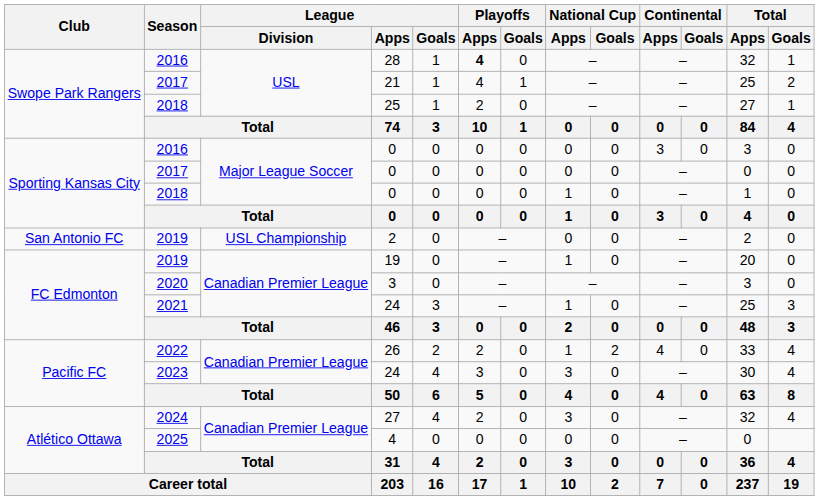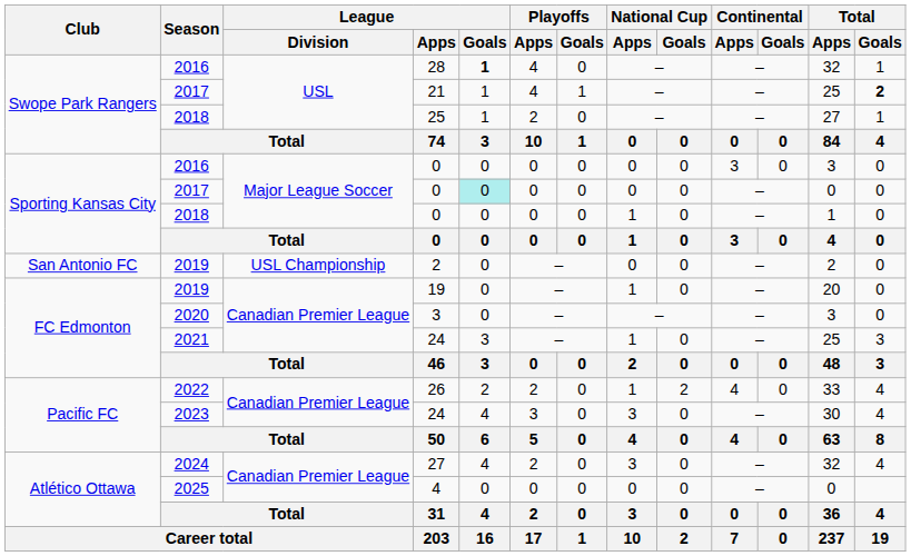 <table class=wikitable style="text-align:center">
 <tr>
 <th rowspan="2">Club</th>
 <th rowspan="2">Season</th>
 <th colspan="3">League</th>
 <th colspan="2">Playoffs</th>
 <th colspan="2">National Cup</th>
 <th colspan="2">Continental</th>
 <th colspan="2">Total</th>
 </tr>
 <tr>
 <th>Division</th>
 <th>Apps</th>
 <th>Goals</th>
 <th>Apps</th>
 <th>Goals</th>
 <th>Apps</th>
 <th>Goals</th>
 <th>Apps</th>
 <th>Goals</th>
 <th>Apps</th>
 <th>Goals</th>
 </tr>
 <tr>
 <td rowspan="4"><a href='#'>Swope Park Rangers</a></td>
 <td><a href='#'>2016</a></td>
 <td rowspan="3"><a href='#'>USL</a></td>
 <td>28</td>
-<td>1</td>
-<td><strong>4</strong></td>
+<td><strong>1</strong></td>
+<td>4</td>
 <td>0</td>
 <td colspan="2">–</td>
 <td colspan="2">–</td>
 <td>32</td>
 <td>1</td>
 </tr>
 <tr>
 <td><a href='#'>2017</a></td>
 <td>21</td>
 <td>1</td>
 <td>4</td>
 <td>1</td>
 <td colspan="2">–</td>
 <td colspan="2">–</td>
 <td>25</td>
-<td>2</td>
+<td><strong>2</strong></td>
 </tr>
 <tr>
 <td><a href='#'>2018</a></td>
 <td>25</td>
 <td>1</td>
 <td>2</td>
 <td>0</td>
 <td colspan="2">–</td>
 <td colspan="2">–</td>
 <td>27</td>
 <td>1</td>
 </tr>
 <tr>
 <th colspan="2">Total</th>
 <th>74</th>
 <th>3</th>
 <th>10</th>
 <th>1</th>
 <th>0</th>
 <th>0</th>
 <th>0</th>
 <th>0</th>
 <th>84</th>
 <th>4</th>
 </tr>
 <tr>
 <td rowspan="4"><a href='#'>Sporting Kansas City</a></td>
 <td><a href='#'>2016</a></td>
 <td rowspan="3"><a href='#'>Major League Soccer</a></td>
 <td>0</td>
 <td>0</td>
 <td>0</td>
 <td>0</td>
 <td>0</td>
 <td>0</td>
 <td>3</td>
 <td>0</td>
 <td>3</td>
 <td>0</td>
 </tr>
 <tr>
 <td><a href='#'>2017</a></td>
 <td>0</td>
-<td>0</td>
+<td style="background: paleturquoise;">0</td>
 <td>0</td>
 <td>0</td>
 <td>0</td>
 <td>0</td>
 <td colspan="2">–</td>
 <td>0</td>
 <td>0</td>
 </tr>
 <tr>
 <td><a href='#'>2018</a></td>
 <td>0</td>
 <td>0</td>
 <td>0</td>
 <td>0</td>
 <td>1</td>
 <td>0</td>
 <td colspan="2">–</td>
 <td>1</td>
 <td>0</td>
 </tr>
 <tr>
 <th colspan="2">Total</th>
 <th>0</th>
 <th>0</th>
 <th>0</th>
 <th>0</th>
 <th>1</th>
 <th>0</th>
 <th>3</th>
 <th>0</th>
 <th>4</th>
 <th>0</th>
 </tr>
 <tr>
 <td><a href='#'>San Antonio FC</a></td>
 <td><a href='#'>2019</a></td>
 <td><a href='#'>USL Championship</a></td>
 <td>2</td>
 <td>0</td>
 <td colspan="2">–</td>
 <td>0</td>
 <td>0</td>
 <td colspan="2">–</td>
 <td>2</td>
 <td>0</td>
 </tr>
 <tr>
 <td rowspan="4"><a href='#'>FC Edmonton</a></td>
 <td><a href='#'>2019</a></td>
 <td rowspan="3"><a href='#'>Canadian Premier League</a></td>
 <td>19</td>
 <td>0</td>
 <td colspan="2">–</td>
 <td>1</td>
 <td>0</td>
 <td colspan="2">–</td>
 <td>20</td>
 <td>0</td>
 </tr>
 <tr>
 <td><a href='#'>2020</a></td>
 <td>3</td>
 <td>0</td>
 <td colspan="2">–</td>
 <td colspan="2">–</td>
 <td colspan="2">–</td>
 <td>3</td>
 <td>0</td>
 </tr>
 <tr>
 <td><a href='#'>2021</a></td>
 <td>24</td>
 <td>3</td>
 <td colspan="2">–</td>
 <td>1</td>
 <td>0</td>
 <td colspan="2">–</td>
 <td>25</td>
 <td>3</td>
 </tr>
 <tr>
 <th colspan="2">Total</th>
 <th>46</th>
 <th>3</th>
 <th>0</th>
 <th>0</th>
 <th>2</th>
 <th>0</th>
 <th>0</th>
 <th>0</th>
 <th>48</th>
 <th>3</th>
 </tr>
 <tr>
 <td rowspan=3><a href='#'>Pacific FC</a></td>
 <td><a href='#'>2022</a></td>
 <td rowspan=2><a href='#'>Canadian Premier League</a></td>
 <td>26</td>
 <td>2</td>
 <td>2</td>
 <td>0</td>
 <td>1</td>
 <td>2</td>
 <td>4</td>
 <td>0</td>
 <td>33</td>
 <td>4</td>
 </tr>
 <tr>
 <td><a href='#'>2023</a></td>
 <td>24</td>
 <td>4</td>
 <td>3</td>
 <td>0</td>
 <td>3</td>
 <td>0</td>
 <td colspan="2">–</td>
 <td>30</td>
 <td>4</td>
 </tr>
 <tr>
 <th colspan="2">Total</th>
 <th>50</th>
 <th>6</th>
 <th>5</th>
 <th>0</th>
 <th>4</th>
 <th>0</th>
 <th>4</th>
 <th>0</th>
 <th>63</th>
 <th>8</th>
 </tr>
 <tr>
 <td rowspan="3"><a href='#'>Atlético Ottawa</a></td>
 <td><a href='#'>2024</a></td>
 <td rowspan=2><a href='#'>Canadian Premier League</a></td>
 <td>27</td>
 <td>4</td>
 <td>2</td>
 <td>0</td>
 <td>3</td>
 <td>0</td>
 <td colspan="2">–</td>
 <td>32</td>
 <td>4</td>
 </tr>
 <tr>
 <td><a href='#'>2025</a></td>
 <td>4</td>
 <td>0</td>
 <td>0</td>
 <td>0</td>
 <td>0</td>
 <td>0</td>
 <td colspan="2">–</td>
 <td 4>0</td>
 </tr>
 <tr>
 <th colspan="2">Total</th>
 <th>31</th>
 <th>4</th>
 <th>2</th>
 <th>0</th>
 <th>3</th>
 <th>0</th>
 <th>0</th>
 <th>0</th>
 <th>36</th>
 <th>4</th>
 </tr>
 <tr>
 <th colspan="3">Career total</th>
 <th>203</th>
 <th>16</th>
 <th>17</th>
 <th>1</th>
 <th>10</th>
 <th>2</th>
 <th>7</th>
 <th>0</th>
 <th>237</th>
 <th>19</th>
 </tr>
 </table>
